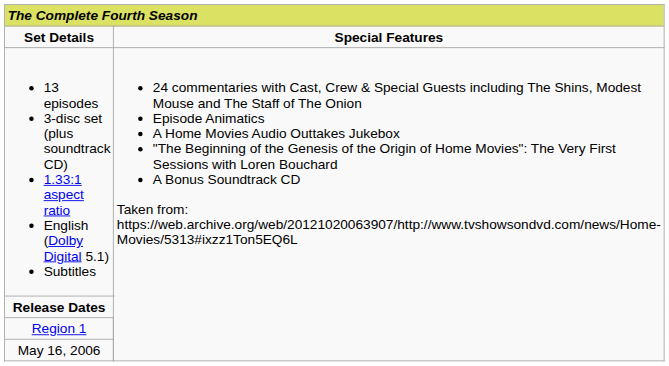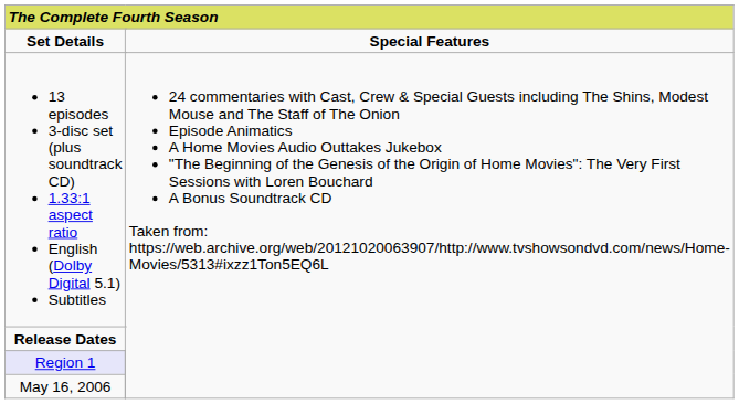 <table class="wikitable" style="font-size: 95%;">
 <tr style="background:#dbe163">
 <td colspan="5"><strong><em>The Complete Fourth Season</em></strong></td>
 </tr>
 <tr valign="top">
 <td align="center" width="400" colspan="3"><strong>Set Details</strong></td>
 <td width="300" align="center"><strong>Special Features</strong></td>
 </tr>
 <tr valign="top">
 <td colspan="3" align="left" width="400"><br><ul><li>13 episodes</li><li>3-disc set (plus soundtrack CD)</li><li><a href='#'>1.33:1 aspect ratio</a></li><li>English (<a href='#'>Dolby Digital</a> 5.1)</li><li>Subtitles</li></ul></td>
 <td rowspan="4" align="left" width="300"><br><ul><li>24 commentaries with Cast, Crew & Special Guests including The Shins, Modest Mouse and The Staff of The Onion</li><li>Episode Animatics</li><li>A Home Movies Audio Outtakes Jukebox</li><li>"The Beginning of the Genesis of the Origin of Home Movies": The Very First Sessions with Loren Bouchard</li><li>A Bonus Soundtrack CD</li></ul>Taken from: https://web.archive.org/web/20121020063907/http://www.tvshowsondvd.com/news/Home-Movies/5313#ixzz1Ton5EQ6L</td>
 </tr>
 <tr>
 <td colspan="3" align="center"><strong>Release Dates</strong></td>
 </tr>
 <tr>
-<td align="center"><a href='#'>Region 1</a></td>
+<td align="center" style="background: lavender;"><a href='#'>Region 1</a></td>
 </tr>
 <tr>
 <td align="center">May 16, 2006</td>
 </tr>
 </table>
